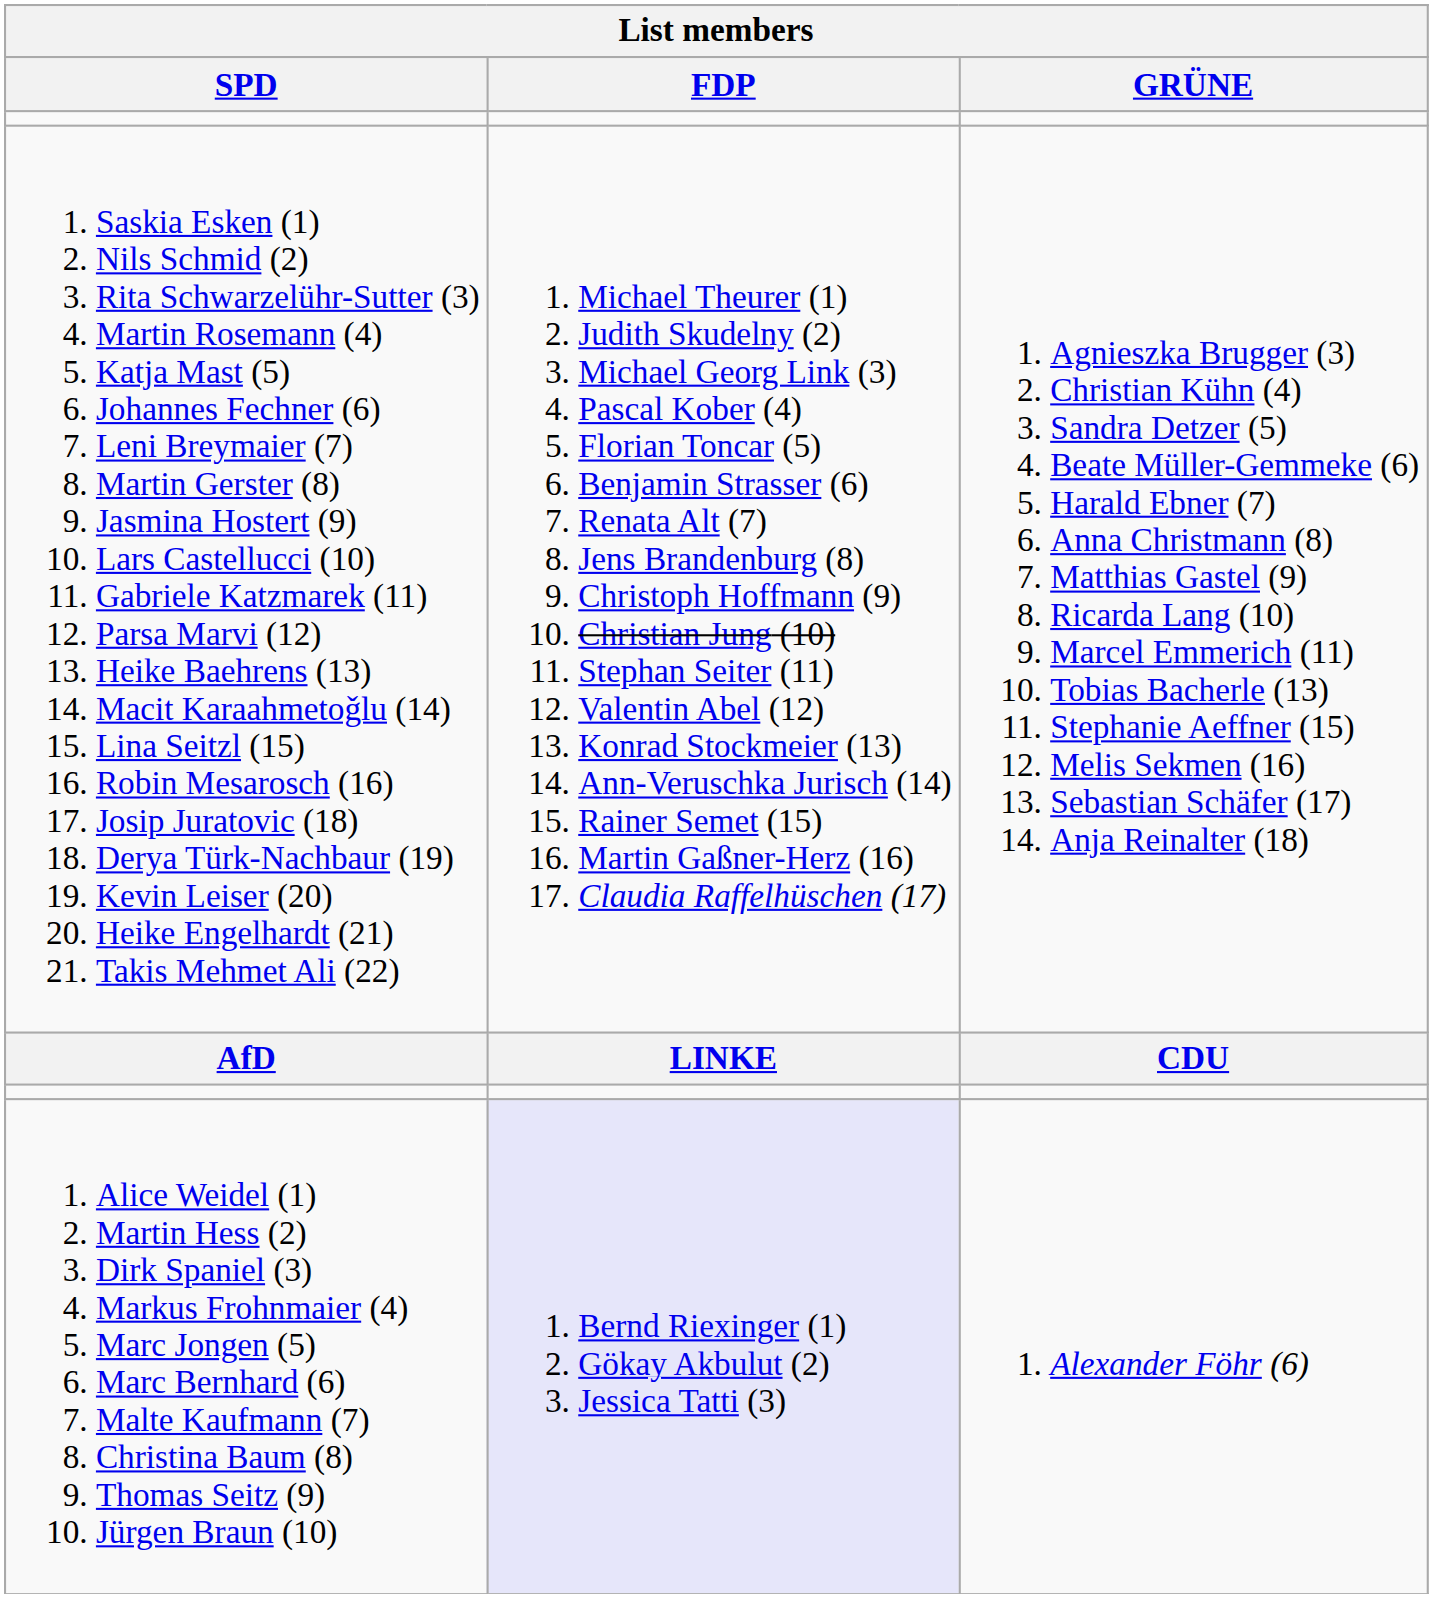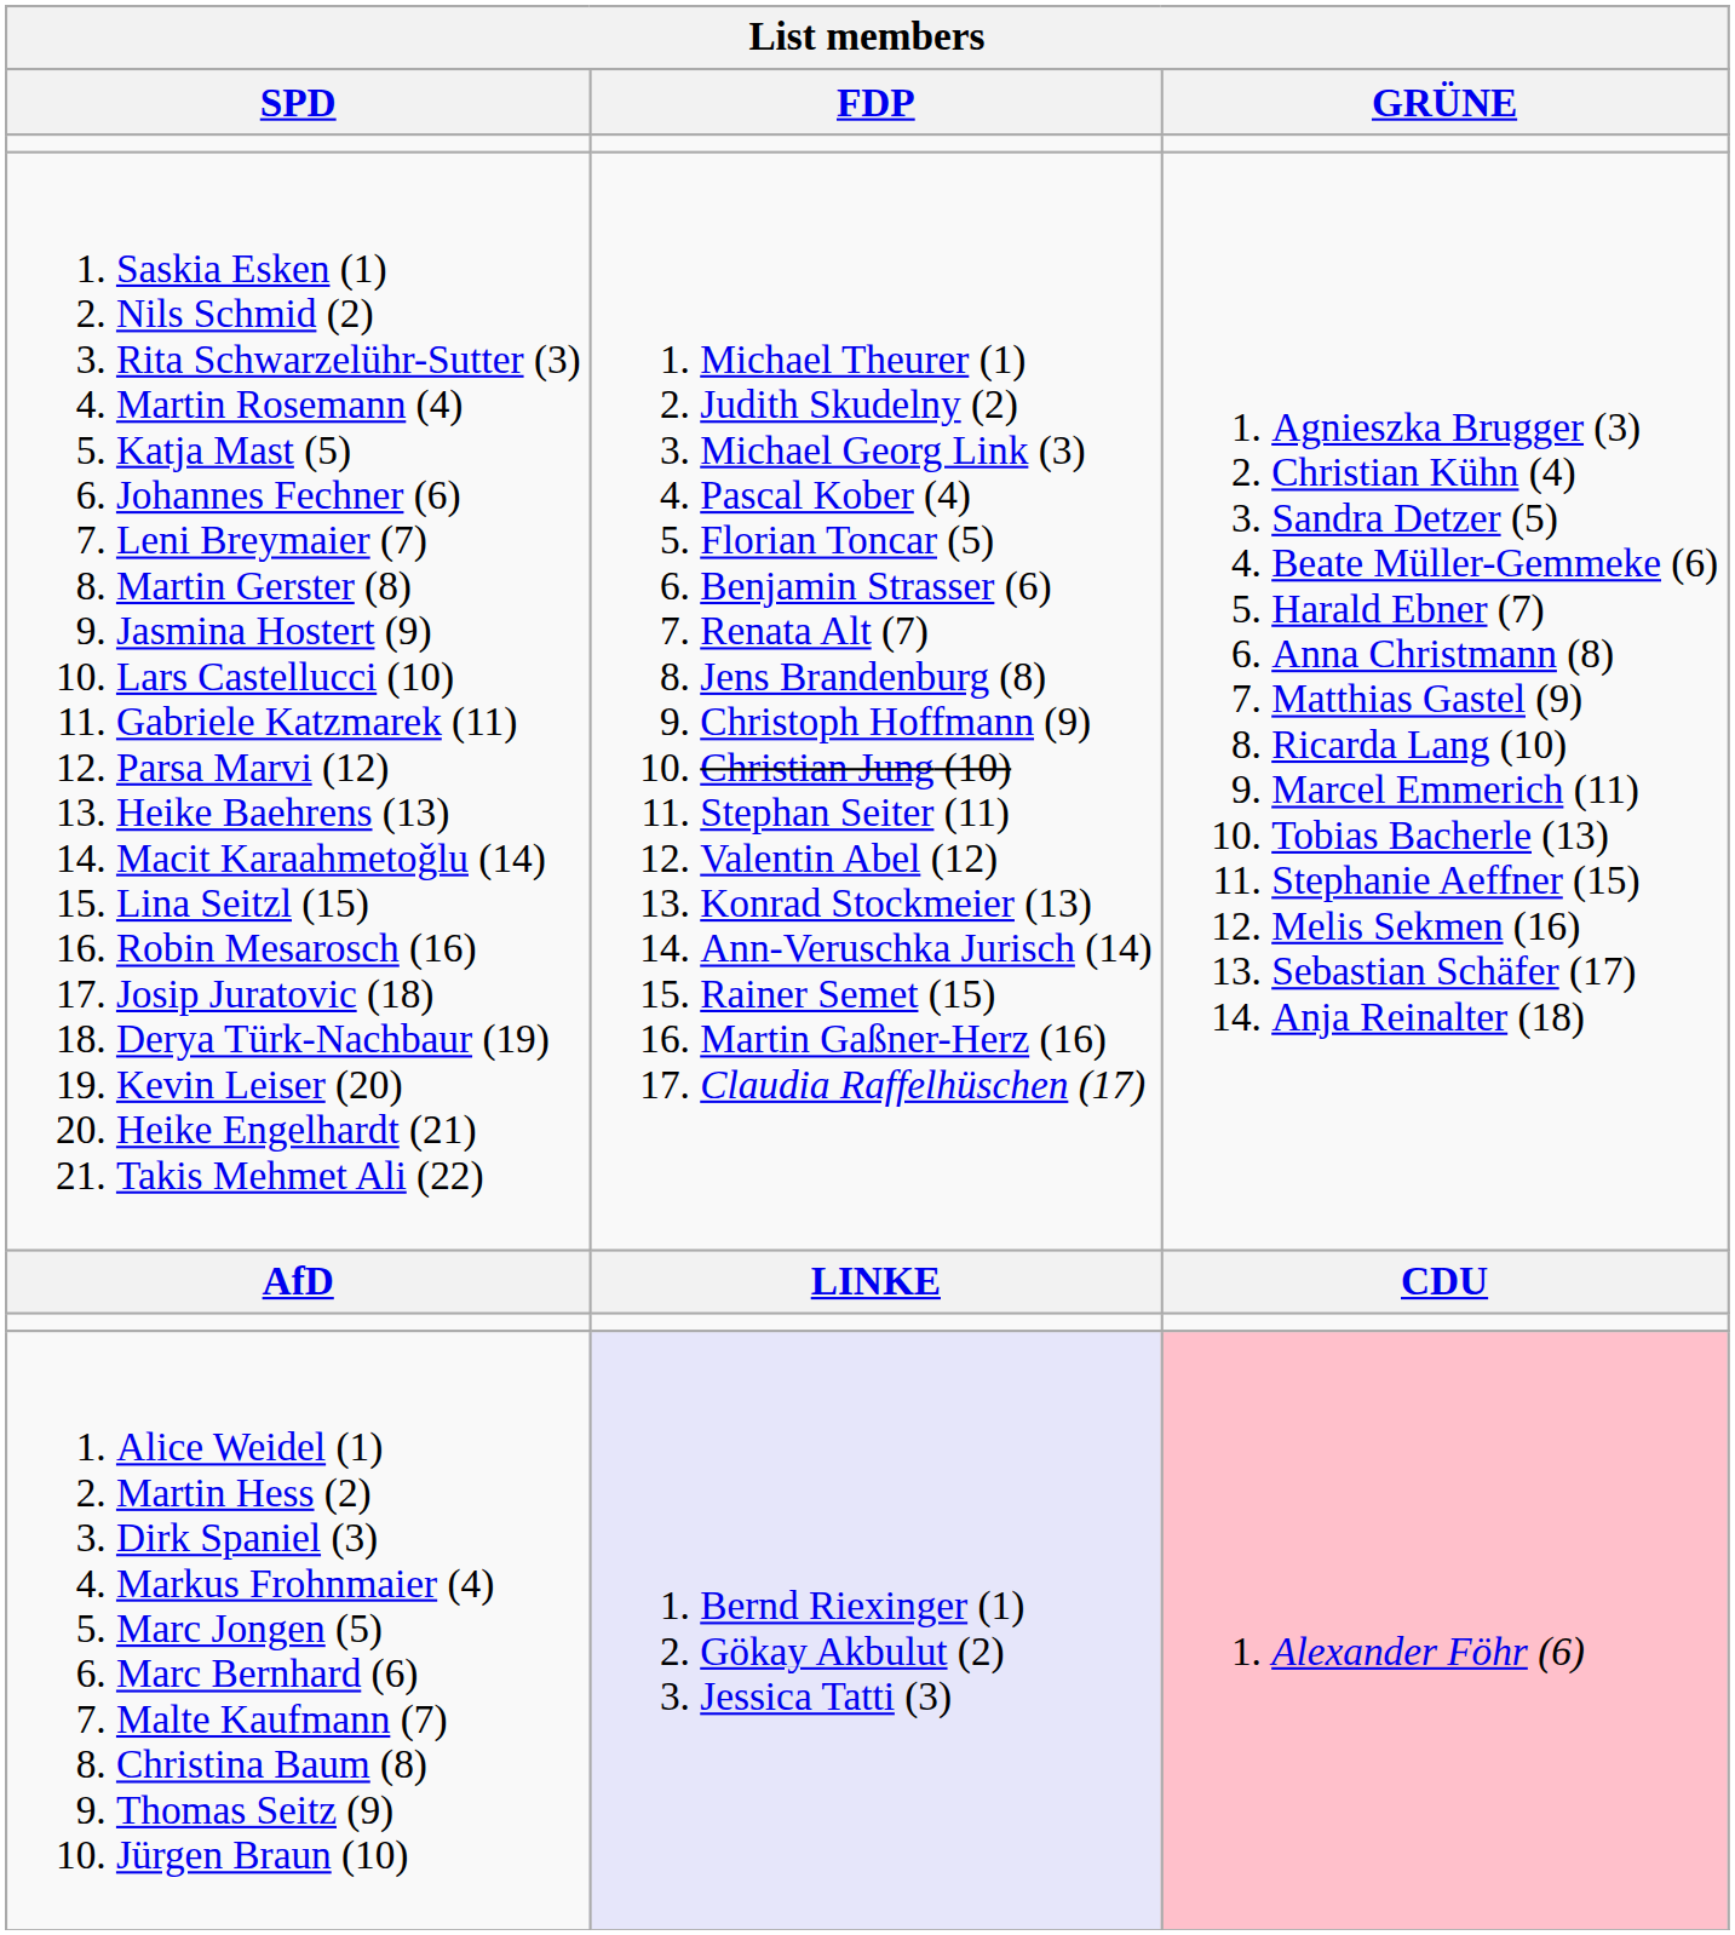 <table class=wikitable>
 <tr>
 <th colspan=3>List members</th>
 </tr>
 <tr>
 <th><a href='#'>SPD</a></th>
 <th><a href='#'>FDP</a></th>
 <th><a href='#'>GRÜNE</a></th>
 </tr>
 <tr>
 <td bgcolor=></td>
 <td bgcolor=></td>
 <td bgcolor=></td>
 </tr>
 <tr>
 <td><br><ol><li><a href='#'>Saskia Esken</a> (1)</li><li><a href='#'>Nils Schmid</a> (2)</li><li><a href='#'>Rita Schwarzelühr-Sutter</a> (3)</li><li><a href='#'>Martin Rosemann</a> (4)</li><li><a href='#'>Katja Mast</a> (5)</li><li><a href='#'>Johannes Fechner</a> (6)</li><li><a href='#'>Leni Breymaier</a> (7)</li><li><a href='#'>Martin Gerster</a> (8)</li><li><a href='#'>Jasmina Hostert</a> (9)</li><li><a href='#'>Lars Castellucci</a> (10)</li><li><a href='#'>Gabriele Katzmarek</a> (11)</li><li><a href='#'>Parsa Marvi</a> (12)</li><li><a href='#'>Heike Baehrens</a> (13)</li><li><a href='#'>Macit Karaahmetoǧlu</a> (14)</li><li><a href='#'>Lina Seitzl</a> (15)</li><li><a href='#'>Robin Mesarosch</a> (16)</li><li><a href='#'>Josip Juratovic</a> (18)</li><li><a href='#'>Derya Türk-Nachbaur</a> (19)</li><li><a href='#'>Kevin Leiser</a> (20)</li><li><a href='#'>Heike Engelhardt</a> (21)</li><li><a href='#'>Takis Mehmet Ali</a> (22)</li></ol></td>
 <td><br><ol><li><a href='#'>Michael Theurer</a> (1)</li><li><a href='#'>Judith Skudelny</a> (2)</li><li><a href='#'>Michael Georg Link</a> (3)</li><li><a href='#'>Pascal Kober</a> (4)</li><li><a href='#'>Florian Toncar</a> (5)</li><li><a href='#'>Benjamin Strasser</a> (6)</li><li><a href='#'>Renata Alt</a> (7)</li><li><a href='#'>Jens Brandenburg</a> (8)</li><li><a href='#'>Christoph Hoffmann</a> (9)</li><li><s><a href='#'>Christian Jung</a> (10)</s></li><li><a href='#'>Stephan Seiter</a> (11)</li><li><a href='#'>Valentin Abel</a> (12)</li><li><a href='#'>Konrad Stockmeier</a> (13)</li><li><a href='#'>Ann-Veruschka Jurisch</a> (14)</li><li><a href='#'>Rainer Semet</a> (15)</li><li><a href='#'>Martin Gaßner-Herz</a> (16)</li><li><em><a href='#'>Claudia Raffelhüschen</a> (17)</em></li></ol></td>
 <td><br><ol><li><a href='#'>Agnieszka Brugger</a> (3)</li><li><a href='#'>Christian Kühn</a> (4)</li><li><a href='#'>Sandra Detzer</a> (5)</li><li><a href='#'>Beate Müller-Gemmeke</a> (6)</li><li><a href='#'>Harald Ebner</a> (7)</li><li><a href='#'>Anna Christmann</a> (8)</li><li><a href='#'>Matthias Gastel</a> (9)</li><li><a href='#'>Ricarda Lang</a> (10)</li><li><a href='#'>Marcel Emmerich</a> (11)</li><li><a href='#'>Tobias Bacherle</a> (13)</li><li><a href='#'>Stephanie Aeffner</a> (15)</li><li><a href='#'>Melis Sekmen</a> (16)</li><li><a href='#'>Sebastian Schäfer</a> (17)</li><li><a href='#'>Anja Reinalter</a> (18)</li></ol></td>
 </tr>
 <tr>
 <th><a href='#'>AfD</a></th>
 <th><a href='#'>LINKE</a></th>
 <th><a href='#'>CDU</a></th>
 </tr>
 <tr>
 <td bgcolor=></td>
 <td bgcolor=></td>
 <td bgcolor=></td>
 </tr>
 <tr>
 <td><br><ol><li><a href='#'>Alice Weidel</a> (1)</li><li><a href='#'>Martin Hess</a> (2)</li><li><a href='#'>Dirk Spaniel</a> (3)</li><li><a href='#'>Markus Frohnmaier</a> (4)</li><li><a href='#'>Marc Jongen</a> (5)</li><li><a href='#'>Marc Bernhard</a> (6)</li><li><a href='#'>Malte Kaufmann</a> (7)</li><li><a href='#'>Christina Baum</a> (8)</li><li><a href='#'>Thomas Seitz</a> (9)</li><li><a href='#'>Jürgen Braun</a> (10)</li></ol></td>
 <td style="background: lavender;"><br><ol><li><a href='#'>Bernd Riexinger</a> (1)</li><li><a href='#'>Gökay Akbulut</a> (2)</li><li><a href='#'>Jessica Tatti</a> (3)</li></ol></td>
-<td><br><ol><li><em><a href='#'>Alexander Föhr</a> (6)</em></li></ol></td>
+<td style="background: pink;"><br><ol><li><em><a href='#'>Alexander Föhr</a> (6)</em></li></ol></td>
 </tr>
 </table>
